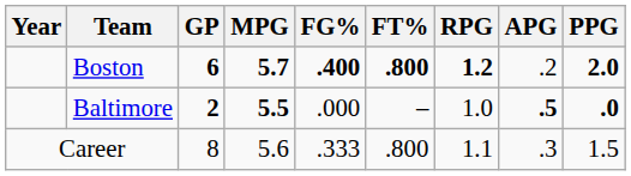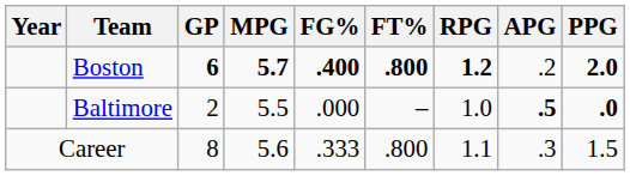 <table class="wikitable sortable" style="font-size:95%; text-align:right;">
 <tr>
 <th>Year</th>
 <th>Team</th>
 <th>GP</th>
 <th>MPG</th>
 <th>FG%</th>
 <th>FT%</th>
 <th>RPG</th>
 <th>APG</th>
 <th>PPG</th>
 </tr>
 <tr>
 <td style="text-align:left;"></td>
 <td style="text-align:left;"><a href='#'>Boston</a></td>
 <td><strong>6</strong></td>
 <td><strong>5.7</strong></td>
 <td><strong>.400</strong></td>
 <td><strong>.800</strong></td>
 <td><strong>1.2</strong></td>
 <td>.2</td>
 <td><strong>2.0</strong></td>
 </tr>
 <tr>
 <td style="text-align:left;"></td>
 <td style="text-align:left;"><a href='#'>Baltimore</a></td>
-<td><strong>2</strong></td>
-<td><strong>5.5</strong></td>
+<td>2</td>
+<td>5.5</td>
 <td>.000</td>
 <td>–</td>
 <td>1.0</td>
 <td><strong>.5</strong></td>
 <td><strong>.0</strong></td>
 </tr>
 <tr>
 <td colspan="2" style="text-align:center;">Career</td>
 <td>8</td>
 <td>5.6</td>
 <td>.333</td>
 <td>.800</td>
 <td>1.1</td>
 <td>.3</td>
 <td>1.5</td>
 </tr>
 </table>
